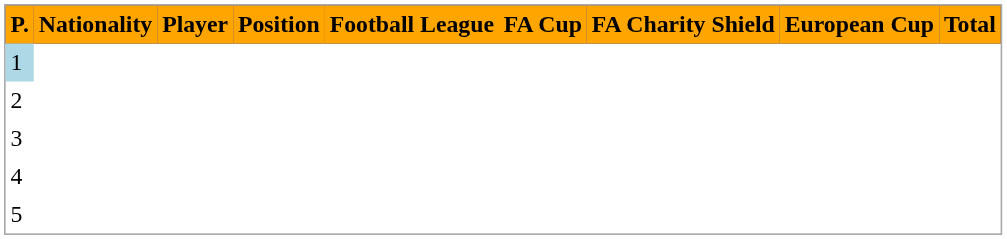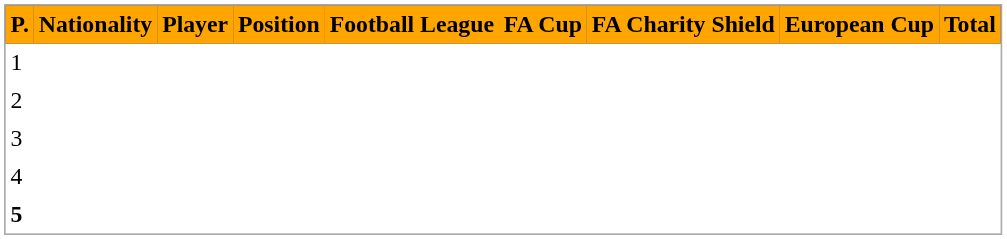 <table cellspacing="0" cellpadding="3" style="border:1px solid #AAAAAA;font-size:90%">
 <tr bgcolor="#191970">
 <th style=background:orange; align="center"><span>P.</span></th>
 <th style=background:orange; align="center"><span>Nationality</span></th>
 <th style=background:orange; align="center"><span>Player</span></th>
 <th style=background:orange; align="center"><span>Position</span></th>
 <th style=background:orange; align="center"><span>Football League</span></th>
 <th style=background:orange; align="center"><span>FA Cup</span></th>
 <th style=background:orange; align="center"><span>FA Charity Shield</span></th>
 <th style=background:orange; align="center"><span>European Cup</span></th>
 <th style=background:orange; align="center"><span>Total</span></th>
 </tr>
 <tr>
-<td style="background: lightblue;">1</td>
+<td>1</td>
 <td></td>
 <td></td>
 <td></td>
 <td align="center"></td>
 <td align="center"></td>
 <td align="center"></td>
 <td align="center"></td>
 <td align="center"></td>
 </tr>
 <tr>
 <td>2</td>
 <td></td>
 <td></td>
 <td></td>
 <td align="center"></td>
 <td align="center"></td>
 <td align="center"></td>
 <td align="center"></td>
 <td align="center"></td>
 </tr>
 <tr>
 <td>3</td>
 <td></td>
 <td></td>
 <td></td>
 <td align="center"></td>
 <td align="center"></td>
 <td align="center"></td>
 <td align="center"></td>
 <td align="center"></td>
 </tr>
 <tr>
 <td>4</td>
 <td></td>
 <td></td>
 <td></td>
 <td align="center"></td>
 <td align="center"></td>
 <td align="center"></td>
 <td align="center"></td>
 <td align="center"></td>
 </tr>
 <tr>
-<td>5</td>
+<td><strong>5</strong></td>
 <td></td>
 <td></td>
 <td></td>
 <td align="center"></td>
 <td align="center"></td>
 <td align="center"></td>
 <td align="center"></td>
 <td align="center"></td>
 </tr>
 <tr>
 </tr>
 </table>
